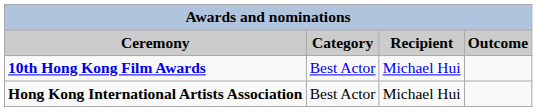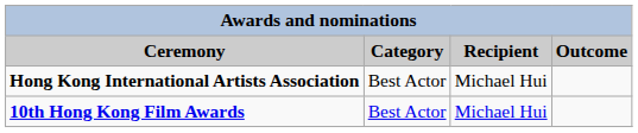 <table class="wikitable" style="font-size:95%;" ;>
 <tr style="background:#ccc; text-align:center;">
 <th colspan="4" style="background: LightSteelBlue;">Awards and nominations</th>
 </tr>
 <tr style="background:#ccc; text-align:center;">
 <th style="background:#ccc">Ceremony</th>
 <th style="background:#ccc">Category</th>
 <th style="background:#ccc">Recipient</th>
 <th style="background:#ccc">Outcome</th>
 </tr>
 <tr>
+<td><strong>Hong Kong International Artists Association</strong></td>
+<td>Best Actor</td>
+<td>Michael Hui</td>
+<td></td>
+</tr>
+<tr>
 <td><strong><a href='#'>10th Hong Kong Film Awards</a></strong></td>
 <td><a href='#'>Best Actor</a></td>
 <td><a href='#'>Michael Hui</a></td>
 <td></td>
 </tr>
 <tr>
-<td><strong>Hong Kong International Artists Association</strong></td>
-<td>Best Actor</td>
-<td>Michael Hui</td>
-<td></td>
-</tr>
-<tr>
 </tr>
 </table>
